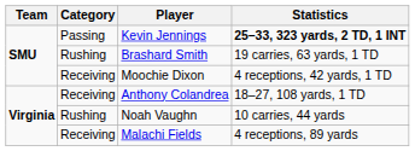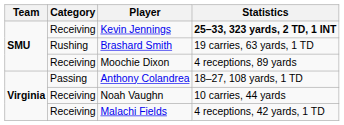 <table class="wikitable" style="float: right;">
 <tr>
 <th>Team</th>
 <th>Category</th>
 <th>Player</th>
 <th>Statistics</th>
 </tr>
 <tr>
 <td rowspan=3><strong>SMU</strong></td>
-<td>Passing</td>
+<td>Receiving</td>
 <td><a href='#'>Kevin Jennings</a></td>
 <td><strong>25–33, 323 yards, 2 TD, 1 INT</strong></td>
 </tr>
 <tr>
 <td>Rushing</td>
 <td><a href='#'>Brashard Smith</a></td>
 <td>19 carries, 63 yards, 1 TD</td>
 </tr>
 <tr>
 <td>Receiving</td>
 <td>Moochie Dixon</td>
-<td>4 receptions, 42 yards, 1 TD</td>
+<td>4 receptions, 89 yards</td>
 </tr>
 <tr>
 <td rowspan=3><strong>Virginia</strong></td>
-<td>Receiving</td>
+<td>Passing</td>
 <td><a href='#'>Anthony Colandrea</a></td>
 <td>18–27, 108 yards, 1 TD</td>
 </tr>
 <tr>
-<td>Rushing</td>
+<td>Receiving</td>
 <td>Noah Vaughn</td>
 <td>10 carries, 44 yards</td>
 </tr>
 <tr>
 <td>Receiving</td>
 <td><a href='#'>Malachi Fields</a></td>
-<td>4 receptions, 89 yards</td>
+<td>4 receptions, 42 yards, 1 TD</td>
 </tr>
 </table>
